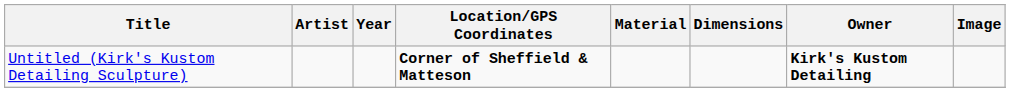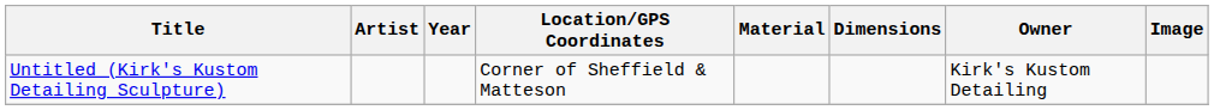 <table class="wikitable sortable">
 <tr>
 <th>Title</th>
 <th>Artist</th>
 <th>Year</th>
 <th>Location/GPS Coordinates</th>
 <th>Material</th>
 <th>Dimensions</th>
 <th>Owner</th>
 <th>Image</th>
 </tr>
 <tr>
 <td><a href='#'>Untitled (Kirk's Kustom Detailing Sculpture)</a></td>
 <td></td>
 <td></td>
-<td><strong>Corner of Sheffield & Matteson </strong></td>
+<td>Corner of Sheffield & Matteson </td>
 <td></td>
 <td></td>
-<td><strong>Kirk's Kustom Detailing</strong></td>
+<td>Kirk's Kustom Detailing</td>
 <td></td>
 </tr>
 <tr>
 </tr>
 </table>
